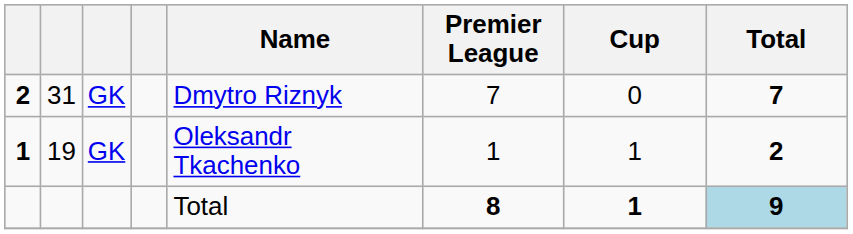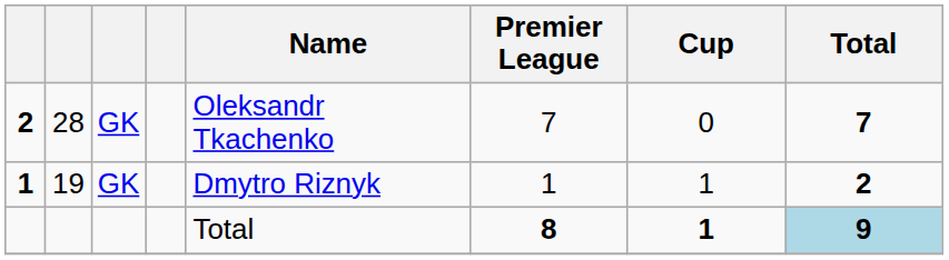 <table class="wikitable" style="text-align:center">
 <tr>
 <th width=15></th>
 <th width=15></th>
 <th width=15></th>
 <th width=15></th>
 <th width=150>Name</th>
 <th width=80><strong>Premier League</strong></th>
 <th width=80><strong>Cup</strong></th>
 <th width=80>Total</th>
 </tr>
 <tr>
 <td><strong>2</strong></td>
-<td>31</td>
+<td>28</td>
 <td><a href='#'>GK</a></td>
 <td></td>
-<td align=left><a href='#'>Dmytro Riznyk</a></td>
+<td align=left><a href='#'>Oleksandr Tkachenko</a></td>
 <td>7</td>
 <td>0</td>
 <td><strong>7</strong></td>
 </tr>
 <tr>
 <td><strong>1</strong></td>
 <td>19</td>
 <td><a href='#'>GK</a></td>
 <td></td>
-<td align=left><a href='#'>Oleksandr Tkachenko</a></td>
+<td align=left><a href='#'>Dmytro Riznyk</a></td>
 <td>1</td>
 <td>1</td>
 <td><strong>2</strong></td>
 </tr>
 <tr>
 <td></td>
 <td></td>
 <td></td>
 <td></td>
 <td align=left>Total</td>
 <td><strong>8</strong></td>
 <td><strong>1</strong></td>
 <td style="background: lightblue;"><strong>9</strong></td>
 </tr>
 <tr>
 </tr>
 </table>
